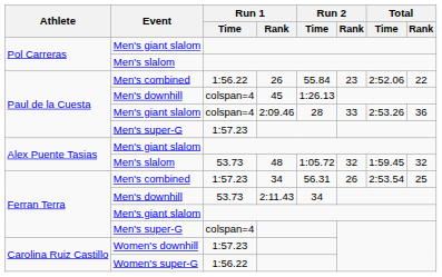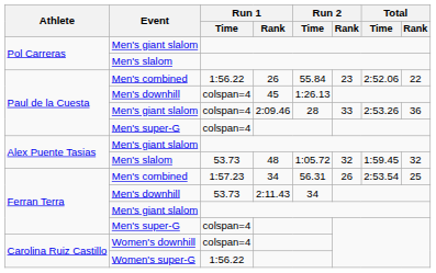 <table class="wikitable" style="font-size:90%">
 <tr>
 <th rowspan=2>Athlete</th>
 <th rowspan=2>Event</th>
 <th colspan=2>Run 1</th>
 <th colspan=2>Run 2</th>
 <th colspan=2>Total</th>
 </tr>
 <tr style="font-size:95%">
 <th>Time</th>
 <th>Rank</th>
 <th>Time</th>
 <th>Rank</th>
 <th>Time</th>
 <th>Rank</th>
 </tr>
 <tr align=center>
 <td align=left rowspan=2><a href='#'>Pol Carreras</a></td>
 <td align=left><a href='#'>Men's giant slalom</a></td>
 <td colspan=6></td>
 </tr>
 <tr align=center>
 <td align=left><a href='#'>Men's slalom</a></td>
 <td colspan=6></td>
 </tr>
 <tr align=center>
 <td align=left rowspan=4><a href='#'>Paul de la Cuesta</a></td>
 <td align=left><a href='#'>Men's combined</a></td>
 <td>1:56.22</td>
 <td>26</td>
 <td>55.84</td>
 <td>23</td>
 <td>2:52.06</td>
 <td>22</td>
 </tr>
 <tr align=center>
 <td align=left><a href='#'>Men's downhill</a></td>
 <td>colspan=4 </td>
 <td>45</td>
 <td>1:26.13</td>
 </tr>
 <tr align=center>
 <td align=left><a href='#'>Men's giant slalom</a></td>
 <td>colspan=4 </td>
 <td>2:09.46</td>
 <td>28</td>
 <td>33</td>
 <td>2:53.26</td>
 <td>36</td>
 </tr>
 <tr align=center>
 <td align=left><a href='#'>Men's super-G</a></td>
-<td>1:57.23</td>
+<td>colspan=4 </td>
 <td colspan=2></td>
 </tr>
 <tr align=center>
 <td align=left rowspan=2><a href='#'>Alex Puente Tasias</a></td>
 <td align=left><a href='#'>Men's giant slalom</a></td>
 <td colspan=6></td>
 </tr>
 <tr align=center>
 <td align=left><a href='#'>Men's slalom</a></td>
 <td>53.73</td>
 <td>48</td>
 <td>1:05.72</td>
 <td>32</td>
 <td>1:59.45</td>
 <td>32</td>
 </tr>
 <tr align=center>
 <td align=left rowspan=4><a href='#'>Ferran Terra</a></td>
 <td align=left><a href='#'>Men's combined</a></td>
 <td>1:57.23</td>
 <td>34</td>
 <td>56.31</td>
 <td>26</td>
 <td>2:53.54</td>
 <td>25</td>
 </tr>
 <tr align=center>
 <td align=left><a href='#'>Men's downhill</a></td>
 <td>53.73</td>
 <td>2:11.43</td>
 <td>34</td>
 </tr>
 <tr align=center>
 <td align=left><a href='#'>Men's giant slalom</a></td>
 <td colspan=6></td>
 </tr>
 <tr align=center>
 <td align=left><a href='#'>Men's super-G</a></td>
 <td>colspan=4 </td>
 <td colspan=2></td>
 </tr>
 <tr align=center>
 <td align=left rowspan=2><a href='#'>Carolina Ruiz Castillo</a></td>
 <td align=left><a href='#'>Women's downhill</a></td>
-<td>1:57.23</td>
+<td>colspan=4 </td>
 <td colspan=2></td>
 </tr>
 <tr align=center>
 <td align=left><a href='#'>Women's super-G</a></td>
 <td>1:56.22</td>
 <td colspan=2></td>
 </tr>
 </table>
